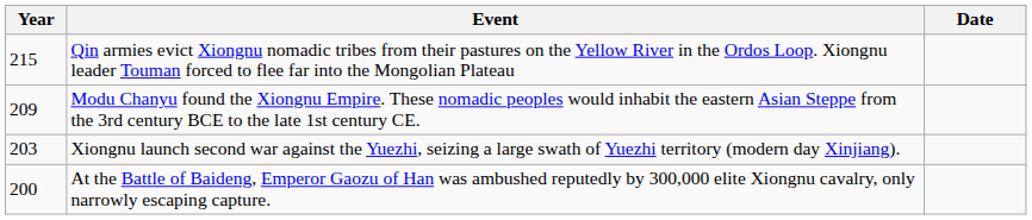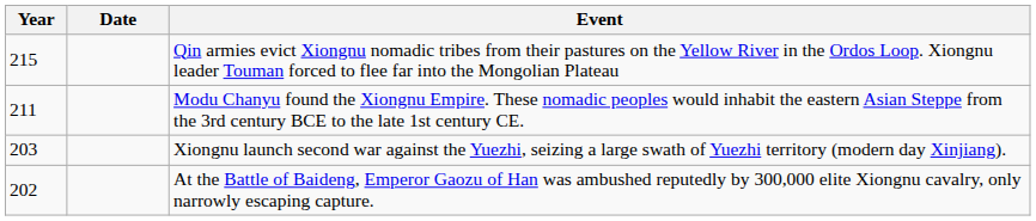 <table class="wikitable" width="100%">
 <tr>
 <th style="width:6%">Year</th>
+<th style="width:10%">Date</th>
 <th>Event</th>
-<th style="width:10%">Date</th>
 </tr>
 <tr>
 <td>215</td>
+<td></td>
 <td><a href='#'>Qin</a> armies evict <a href='#'>Xiongnu</a> nomadic tribes from their pastures on the <a href='#'>Yellow River</a> in the <a href='#'>Ordos Loop</a>. Xiongnu leader <a href='#'>Touman</a> forced to flee far into the Mongolian Plateau</td>
-<td></td>
 </tr>
 <tr>
-<td>209</td>
+<td>211</td>
+<td></td>
 <td><a href='#'>Modu Chanyu</a> found the <a href='#'>Xiongnu Empire</a>. These <a href='#'>nomadic peoples</a> would inhabit the eastern <a href='#'>Asian Steppe</a> from the 3rd century BCE to the late 1st century CE.</td>
-<td></td>
 </tr>
 <tr>
 <td>203</td>
+<td></td>
 <td>Xiongnu launch second war against the <a href='#'>Yuezhi</a>, seizing a large swath of <a href='#'>Yuezhi</a> territory (modern day <a href='#'>Xinjiang</a>).</td>
-<td></td>
 </tr>
 <tr>
-<td>200</td>
+<td>202</td>
+<td></td>
 <td>At the <a href='#'>Battle of Baideng</a>, <a href='#'>Emperor Gaozu of Han</a> was ambushed reputedly by 300,000 elite Xiongnu cavalry, only narrowly escaping capture.</td>
-<td></td>
 </tr>
 </table>
